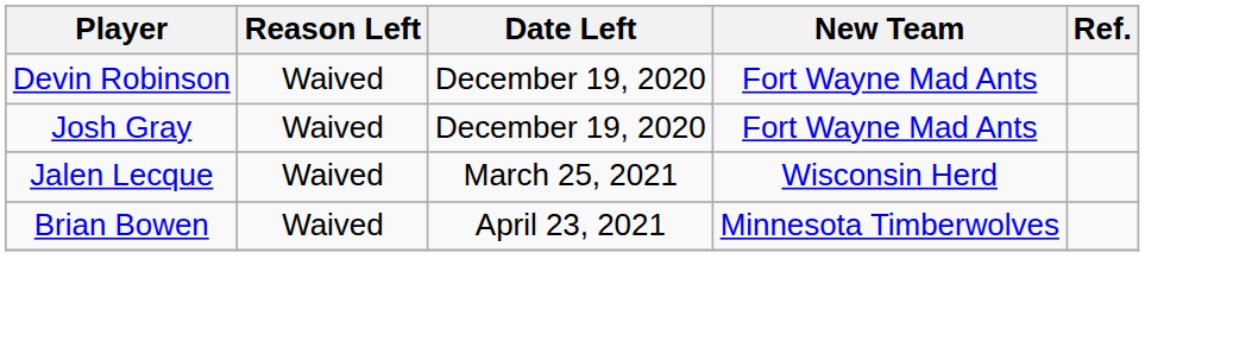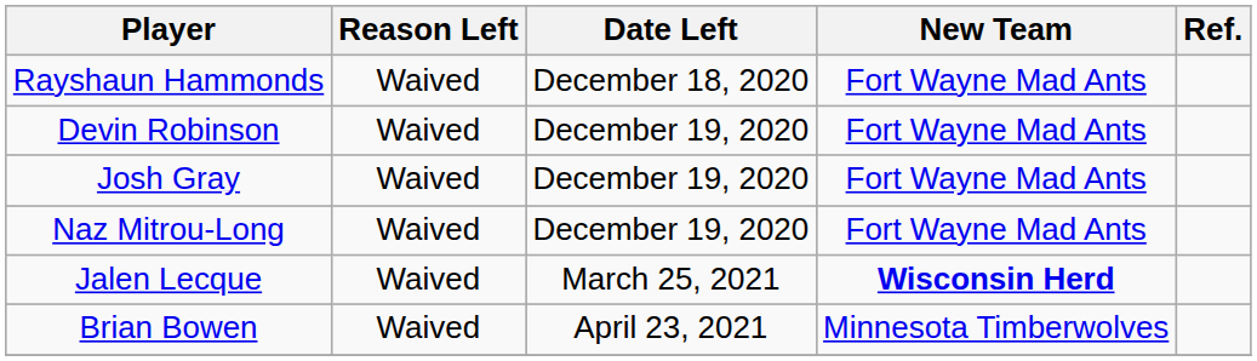 <table class="wikitable sortable sortable" style="text-align: center">
 <tr>
 <th>Player</th>
 <th>Reason Left</th>
 <th>Date Left</th>
 <th>New Team</th>
 <th>Ref.</th>
+</tr>
+<tr>
+<td><a href='#'>Rayshaun Hammonds</a></td>
+<td>Waived</td>
+<td>December 18, 2020</td>
+<td><a href='#'>Fort Wayne Mad Ants</a></td>
+<td></td>
 </tr>
 <tr>
 <td><a href='#'>Devin Robinson</a></td>
 <td>Waived</td>
 <td>December 19, 2020</td>
 <td><a href='#'>Fort Wayne Mad Ants</a></td>
 <td></td>
 </tr>
 <tr>
 <td><a href='#'>Josh Gray</a></td>
 <td>Waived</td>
 <td>December 19, 2020</td>
 <td><a href='#'>Fort Wayne Mad Ants</a></td>
 <td></td>
 </tr>
 <tr>
+<td><a href='#'>Naz Mitrou-Long</a></td>
+<td>Waived</td>
+<td>December 19, 2020</td>
+<td><a href='#'>Fort Wayne Mad Ants</a></td>
+<td></td>
+</tr>
+<tr>
 <td><a href='#'>Jalen Lecque</a></td>
 <td>Waived</td>
 <td>March 25, 2021</td>
-<td><a href='#'>Wisconsin Herd</a></td>
+<td><strong><a href='#'>Wisconsin Herd</a></strong></td>
 <td></td>
 </tr>
 <tr>
 <td><a href='#'>Brian Bowen</a></td>
 <td>Waived</td>
 <td>April 23, 2021</td>
 <td><a href='#'>Minnesota Timberwolves</a></td>
 <td></td>
 </tr>
 <tr>
 </tr>
 </table>
